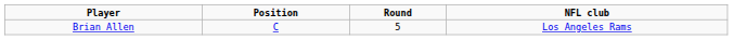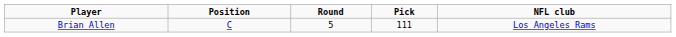 <table class="wikitable" width="80%">
 <tr align="center">
 <td><strong>Player</strong></td>
 <td><strong>Position</strong></td>
 <td><strong>Round</strong></td>
+<td><strong>Pick</strong></td>
 <td><strong>NFL club</strong></td>
 </tr>
 <tr align="center" bgcolor="">
 <td><a href='#'>Brian Allen</a></td>
 <td><a href='#'>C</a></td>
 <td>5</td>
+<td>111</td>
 <td><a href='#'>Los Angeles Rams</a></td>
 </tr>
 </table>
